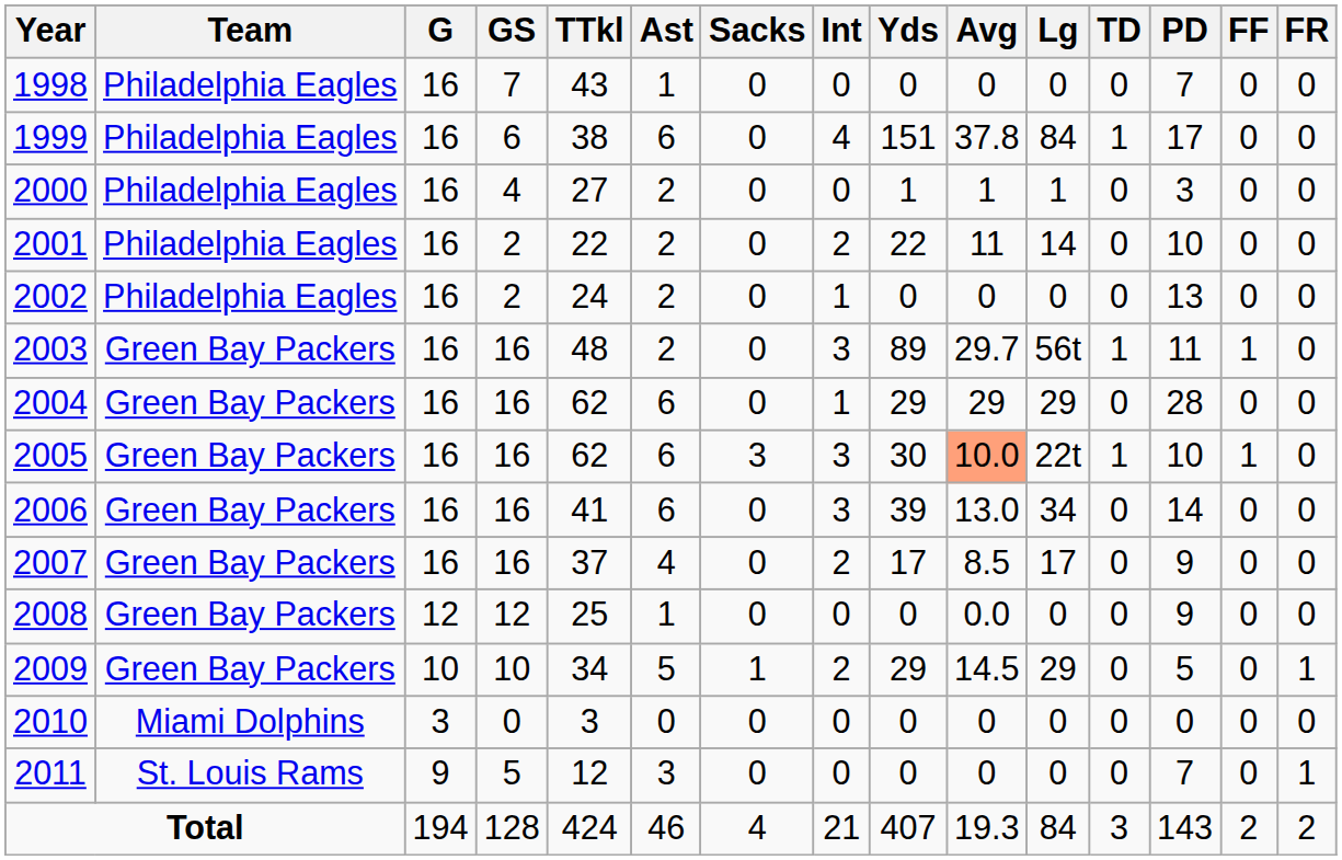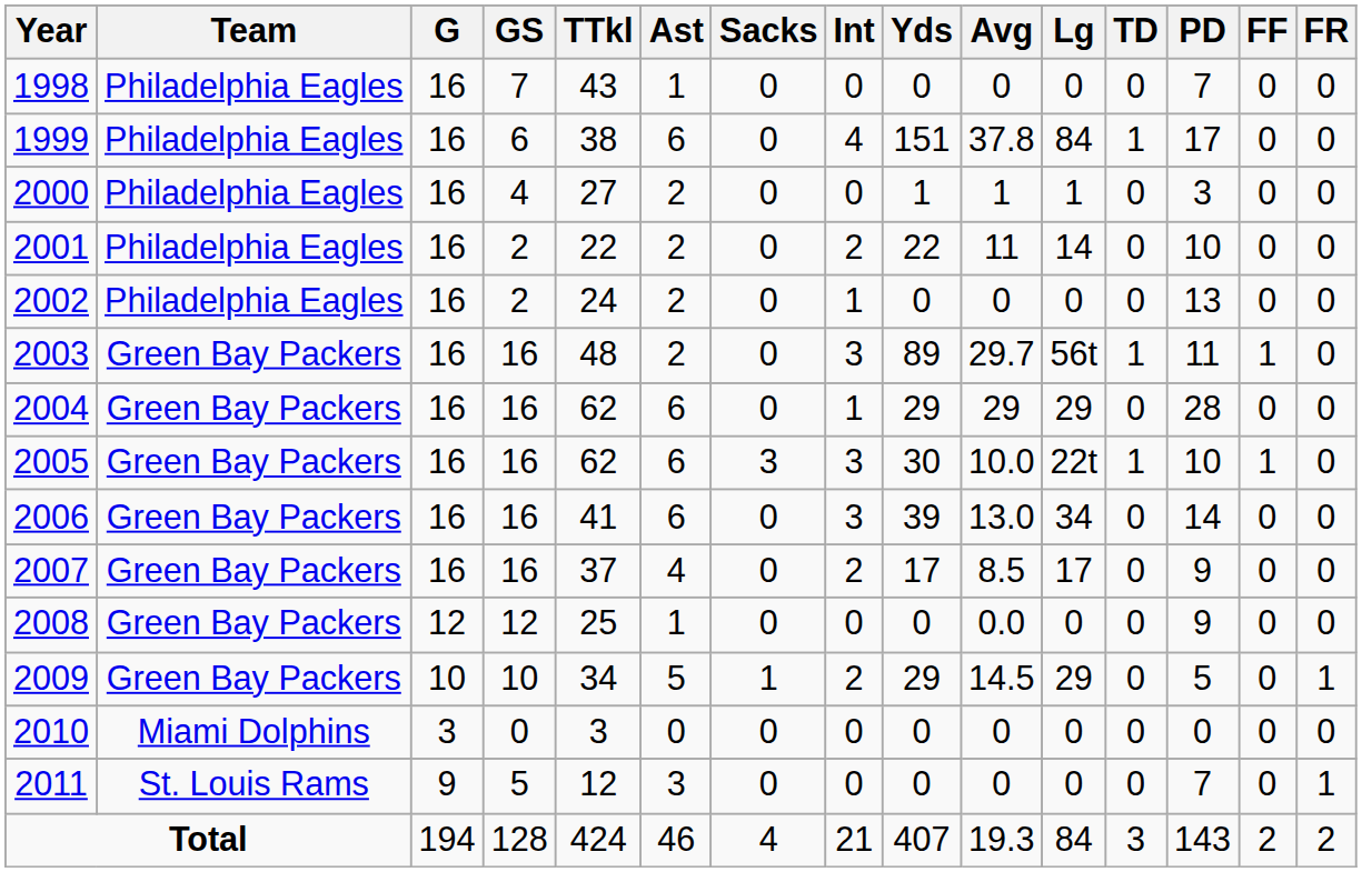 <table class="wikitable" style="text-align: center;">
 <tr>
 <th><strong>Year</strong></th>
 <th>Team</th>
 <th>G</th>
 <th>GS</th>
 <th>TTkl</th>
 <th>Ast</th>
 <th>Sacks</th>
 <th>Int</th>
 <th>Yds</th>
 <th>Avg</th>
 <th>Lg</th>
 <th>TD</th>
 <th>PD</th>
 <th>FF</th>
 <th>FR</th>
 </tr>
 <tr>
 <td><a href='#'>1998</a></td>
 <td><a href='#'>Philadelphia Eagles</a></td>
 <td>16</td>
 <td>7</td>
 <td>43</td>
 <td>1</td>
 <td>0</td>
 <td>0</td>
 <td>0</td>
 <td>0</td>
 <td>0</td>
 <td>0</td>
 <td>7</td>
 <td>0</td>
 <td>0</td>
 </tr>
 <tr>
 <td><a href='#'>1999</a></td>
 <td><a href='#'>Philadelphia Eagles</a></td>
 <td>16</td>
 <td>6</td>
 <td>38</td>
 <td>6</td>
 <td>0</td>
 <td>4</td>
 <td>151</td>
 <td>37.8</td>
 <td>84</td>
 <td>1</td>
 <td>17</td>
 <td>0</td>
 <td>0</td>
 </tr>
 <tr>
 <td><a href='#'>2000</a></td>
 <td><a href='#'>Philadelphia Eagles</a></td>
 <td>16</td>
 <td>4</td>
 <td>27</td>
 <td>2</td>
 <td>0</td>
 <td>0</td>
 <td>1</td>
 <td>1</td>
 <td>1</td>
 <td>0</td>
 <td>3</td>
 <td>0</td>
 <td>0</td>
 </tr>
 <tr>
 <td><a href='#'>2001</a></td>
 <td><a href='#'>Philadelphia Eagles</a></td>
 <td>16</td>
 <td>2</td>
 <td>22</td>
 <td>2</td>
 <td>0</td>
 <td>2</td>
 <td>22</td>
 <td>11</td>
 <td>14</td>
 <td>0</td>
 <td>10</td>
 <td>0</td>
 <td>0</td>
 </tr>
 <tr>
 <td><a href='#'>2002</a></td>
 <td><a href='#'>Philadelphia Eagles</a></td>
 <td>16</td>
 <td>2</td>
 <td>24</td>
 <td>2</td>
 <td>0</td>
 <td>1</td>
 <td>0</td>
 <td>0</td>
 <td>0</td>
 <td>0</td>
 <td>13</td>
 <td>0</td>
 <td>0</td>
 </tr>
 <tr>
 <td><a href='#'>2003</a></td>
 <td><a href='#'>Green Bay Packers</a></td>
 <td>16</td>
 <td>16</td>
 <td>48</td>
 <td>2</td>
 <td>0</td>
 <td>3</td>
 <td>89</td>
 <td>29.7</td>
 <td>56t</td>
 <td>1</td>
 <td>11</td>
 <td>1</td>
 <td>0</td>
 </tr>
 <tr>
 <td><a href='#'>2004</a></td>
 <td><a href='#'>Green Bay Packers</a></td>
 <td>16</td>
 <td>16</td>
 <td>62</td>
 <td>6</td>
 <td>0</td>
 <td>1</td>
 <td>29</td>
 <td>29</td>
 <td>29</td>
 <td>0</td>
 <td>28</td>
 <td>0</td>
 <td>0</td>
 </tr>
 <tr>
 <td><a href='#'>2005</a></td>
 <td><a href='#'>Green Bay Packers</a></td>
 <td>16</td>
 <td>16</td>
 <td>62</td>
 <td>6</td>
 <td>3</td>
 <td>3</td>
 <td>30</td>
-<td style="background: lightsalmon;">10.0</td>
+<td>10.0</td>
 <td>22t</td>
 <td>1</td>
 <td>10</td>
 <td>1</td>
 <td>0</td>
 </tr>
 <tr>
 <td><a href='#'>2006</a></td>
 <td><a href='#'>Green Bay Packers</a></td>
 <td>16</td>
 <td>16</td>
 <td>41</td>
 <td>6</td>
 <td>0</td>
 <td>3</td>
 <td>39</td>
 <td>13.0</td>
 <td>34</td>
 <td>0</td>
 <td>14</td>
 <td>0</td>
 <td>0</td>
 </tr>
 <tr>
 <td><a href='#'>2007</a></td>
 <td><a href='#'>Green Bay Packers</a></td>
 <td>16</td>
 <td>16</td>
 <td>37</td>
 <td>4</td>
 <td>0</td>
 <td>2</td>
 <td>17</td>
 <td>8.5</td>
 <td>17</td>
 <td>0</td>
 <td>9</td>
 <td>0</td>
 <td>0</td>
 </tr>
 <tr>
 <td><a href='#'>2008</a></td>
 <td><a href='#'>Green Bay Packers</a></td>
 <td>12</td>
 <td>12</td>
 <td>25</td>
 <td>1</td>
 <td>0</td>
 <td>0</td>
 <td>0</td>
 <td>0.0</td>
 <td>0</td>
 <td>0</td>
 <td>9</td>
 <td>0</td>
 <td>0</td>
 </tr>
 <tr>
 <td><a href='#'>2009</a></td>
 <td><a href='#'>Green Bay Packers</a></td>
 <td>10</td>
 <td>10</td>
 <td>34</td>
 <td>5</td>
 <td>1</td>
 <td>2</td>
 <td>29</td>
 <td>14.5</td>
 <td>29</td>
 <td>0</td>
 <td>5</td>
 <td>0</td>
 <td>1</td>
 </tr>
 <tr>
 <td><a href='#'>2010</a></td>
 <td><a href='#'>Miami Dolphins</a></td>
 <td>3</td>
 <td>0</td>
 <td>3</td>
 <td>0</td>
 <td>0</td>
 <td>0</td>
 <td>0</td>
 <td>0</td>
 <td>0</td>
 <td>0</td>
 <td>0</td>
 <td>0</td>
 <td>0</td>
 </tr>
 <tr>
 <td><a href='#'>2011</a></td>
 <td><a href='#'>St. Louis Rams</a></td>
 <td>9</td>
 <td>5</td>
 <td>12</td>
 <td>3</td>
 <td>0</td>
 <td>0</td>
 <td>0</td>
 <td>0</td>
 <td>0</td>
 <td>0</td>
 <td>7</td>
 <td>0</td>
 <td>1</td>
 </tr>
 <tr>
 <td colSpan="2"><strong>Total</strong></td>
 <td>194</td>
 <td>128</td>
 <td>424</td>
 <td>46</td>
 <td>4</td>
 <td>21</td>
 <td>407</td>
 <td>19.3</td>
 <td>84</td>
 <td>3</td>
 <td>143</td>
 <td>2</td>
 <td>2</td>
 </tr>
 </table>
